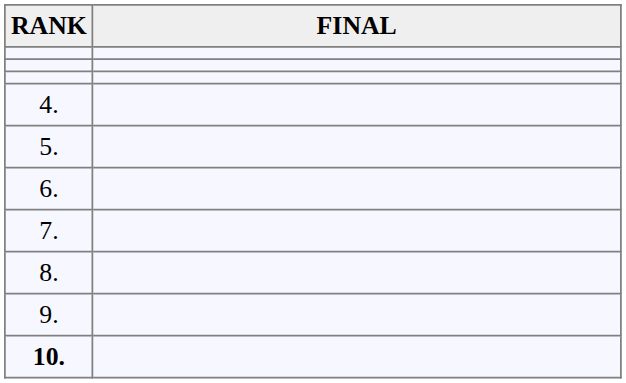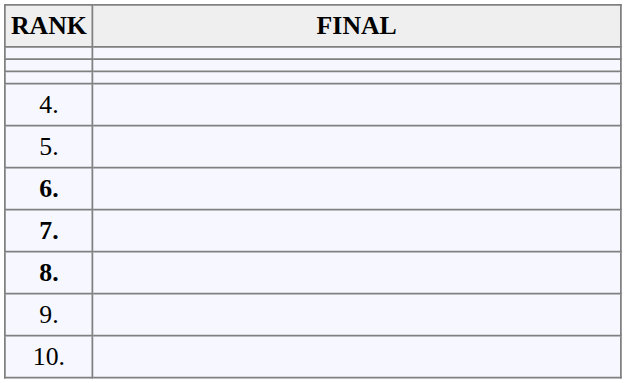 <table cellpadding="3" cellspacing="0" border="1" style="background:#f7f8ff; font-size:92%; border:gray solid 1,5px; border-collapse:collapse;">
 <tr style="background:#efefef;">
 <th>RANK</th>
 <th style="text-align:center; width:20em;">FINAL</th>
 </tr>
 <tr>
 <td style="text-align:center;"></td>
 <td></td>
 </tr>
 <tr>
 <td style="text-align:center;"></td>
 <td></td>
 </tr>
 <tr>
 <td style="text-align:center;"></td>
 <td></td>
 </tr>
 <tr>
 <td style="text-align:center;">4.</td>
 <td></td>
 </tr>
 <tr>
 <td style="text-align:center;">5.</td>
 <td></td>
 </tr>
 <tr>
-<td style="text-align:center;">6.</td>
+<td style="text-align:center;"><strong>6.</strong></td>
 <td></td>
 </tr>
 <tr>
-<td style="text-align:center;">7.</td>
+<td style="text-align:center;"><strong>7.</strong></td>
 <td></td>
 </tr>
 <tr>
-<td style="text-align:center;">8.</td>
+<td style="text-align:center;"><strong>8.</strong></td>
 <td></td>
 </tr>
 <tr>
 <td style="text-align:center;">9.</td>
 <td></td>
 </tr>
 <tr>
-<td style="text-align:center;"><strong>10.</strong></td>
+<td style="text-align:center;">10.</td>
 <td></td>
 </tr>
 </table>
